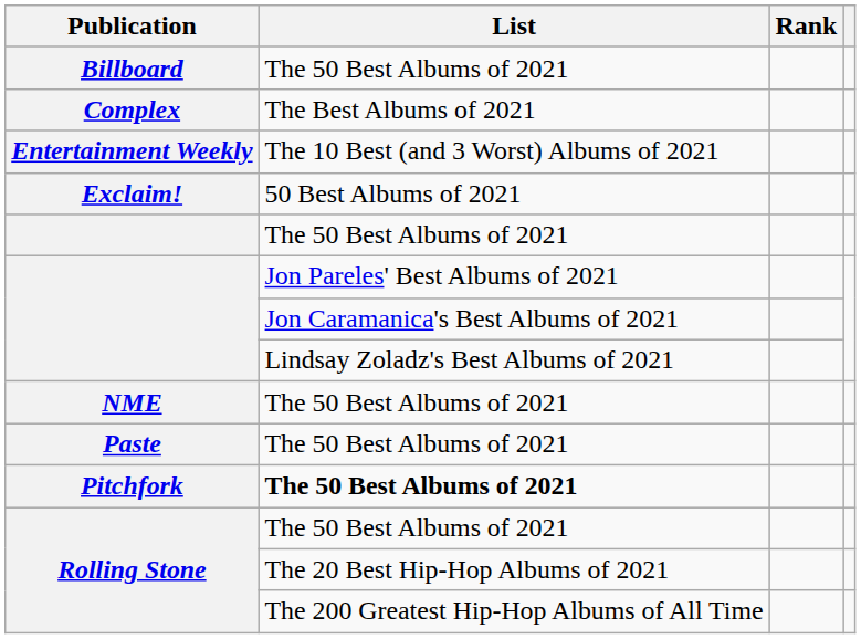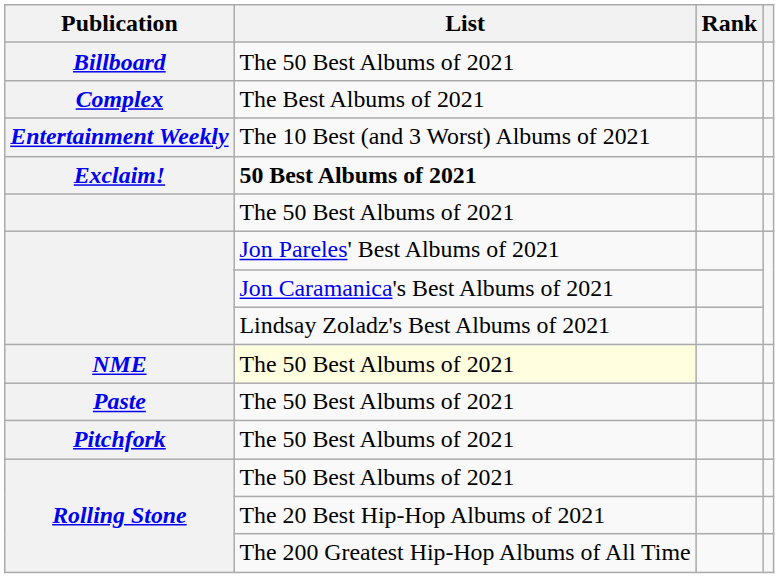 <table class="wikitable sortable plainrowheaders" style="border:none; margin:0;">
 <tr>
 <th scope="col">Publication</th>
 <th scope="col" class="unsortable">List</th>
 <th scope="col" data-sort-type="number">Rank</th>
 <th scope="col" class="unsortable"></th>
 </tr>
 <tr>
 <th scope="row"><em><a href='#'>Billboard</a></em></th>
 <td>The 50 Best Albums of 2021</td>
 <td></td>
 <td></td>
 </tr>
 <tr>
 <th scope="row"><em><a href='#'>Complex</a></em></th>
 <td>The Best Albums of 2021</td>
 <td></td>
 <td></td>
 </tr>
 <tr>
 <th scope="row"><em><a href='#'>Entertainment Weekly</a></em></th>
 <td>The 10 Best (and 3 Worst) Albums of 2021</td>
 <td></td>
 <td></td>
 </tr>
 <tr>
 <th scope="row"><em><a href='#'>Exclaim!</a></em></th>
-<td>50 Best Albums of 2021</td>
+<td><strong>50 Best Albums of 2021</strong></td>
 <td></td>
 <td></td>
 </tr>
 <tr>
 <th scope="row"></th>
 <td>The 50 Best Albums of 2021</td>
 <td></td>
 <td></td>
 </tr>
 <tr>
 <th scope="row" rowspan="3"></th>
 <td><a href='#'>Jon Pareles</a>' Best Albums of 2021</td>
 <td></td>
 <td rowspan="3"></td>
 </tr>
 <tr>
 <td><a href='#'>Jon Caramanica</a>'s Best Albums of 2021</td>
 <td></td>
 </tr>
 <tr>
 <td>Lindsay Zoladz's Best Albums of 2021</td>
 <td></td>
 </tr>
 <tr>
 <th scope="row"><em><a href='#'>NME</a></em></th>
-<td>The 50 Best Albums of 2021</td>
+<td style="background: lightyellow;">The 50 Best Albums of 2021</td>
 <td></td>
 <td></td>
 </tr>
 <tr>
 <th scope="row"><em><a href='#'>Paste</a></em></th>
 <td>The 50 Best Albums of 2021</td>
 <td></td>
 <td></td>
 </tr>
 <tr>
 <th scope="row"><em><a href='#'>Pitchfork</a></em></th>
-<td><strong>The 50 Best Albums of 2021</strong></td>
+<td>The 50 Best Albums of 2021</td>
 <td></td>
 <td></td>
 </tr>
 <tr>
 <th scope="row" rowspan="3"><em><a href='#'>Rolling Stone</a></em></th>
 <td>The 50 Best Albums of 2021</td>
 <td></td>
 <td></td>
 </tr>
 <tr>
 <td>The 20 Best Hip-Hop Albums of 2021</td>
 <td></td>
 <td></td>
 </tr>
 <tr>
 <td>The 200 Greatest Hip-Hop Albums of All Time</td>
 <td></td>
 <td></td>
 </tr>
 </table>
